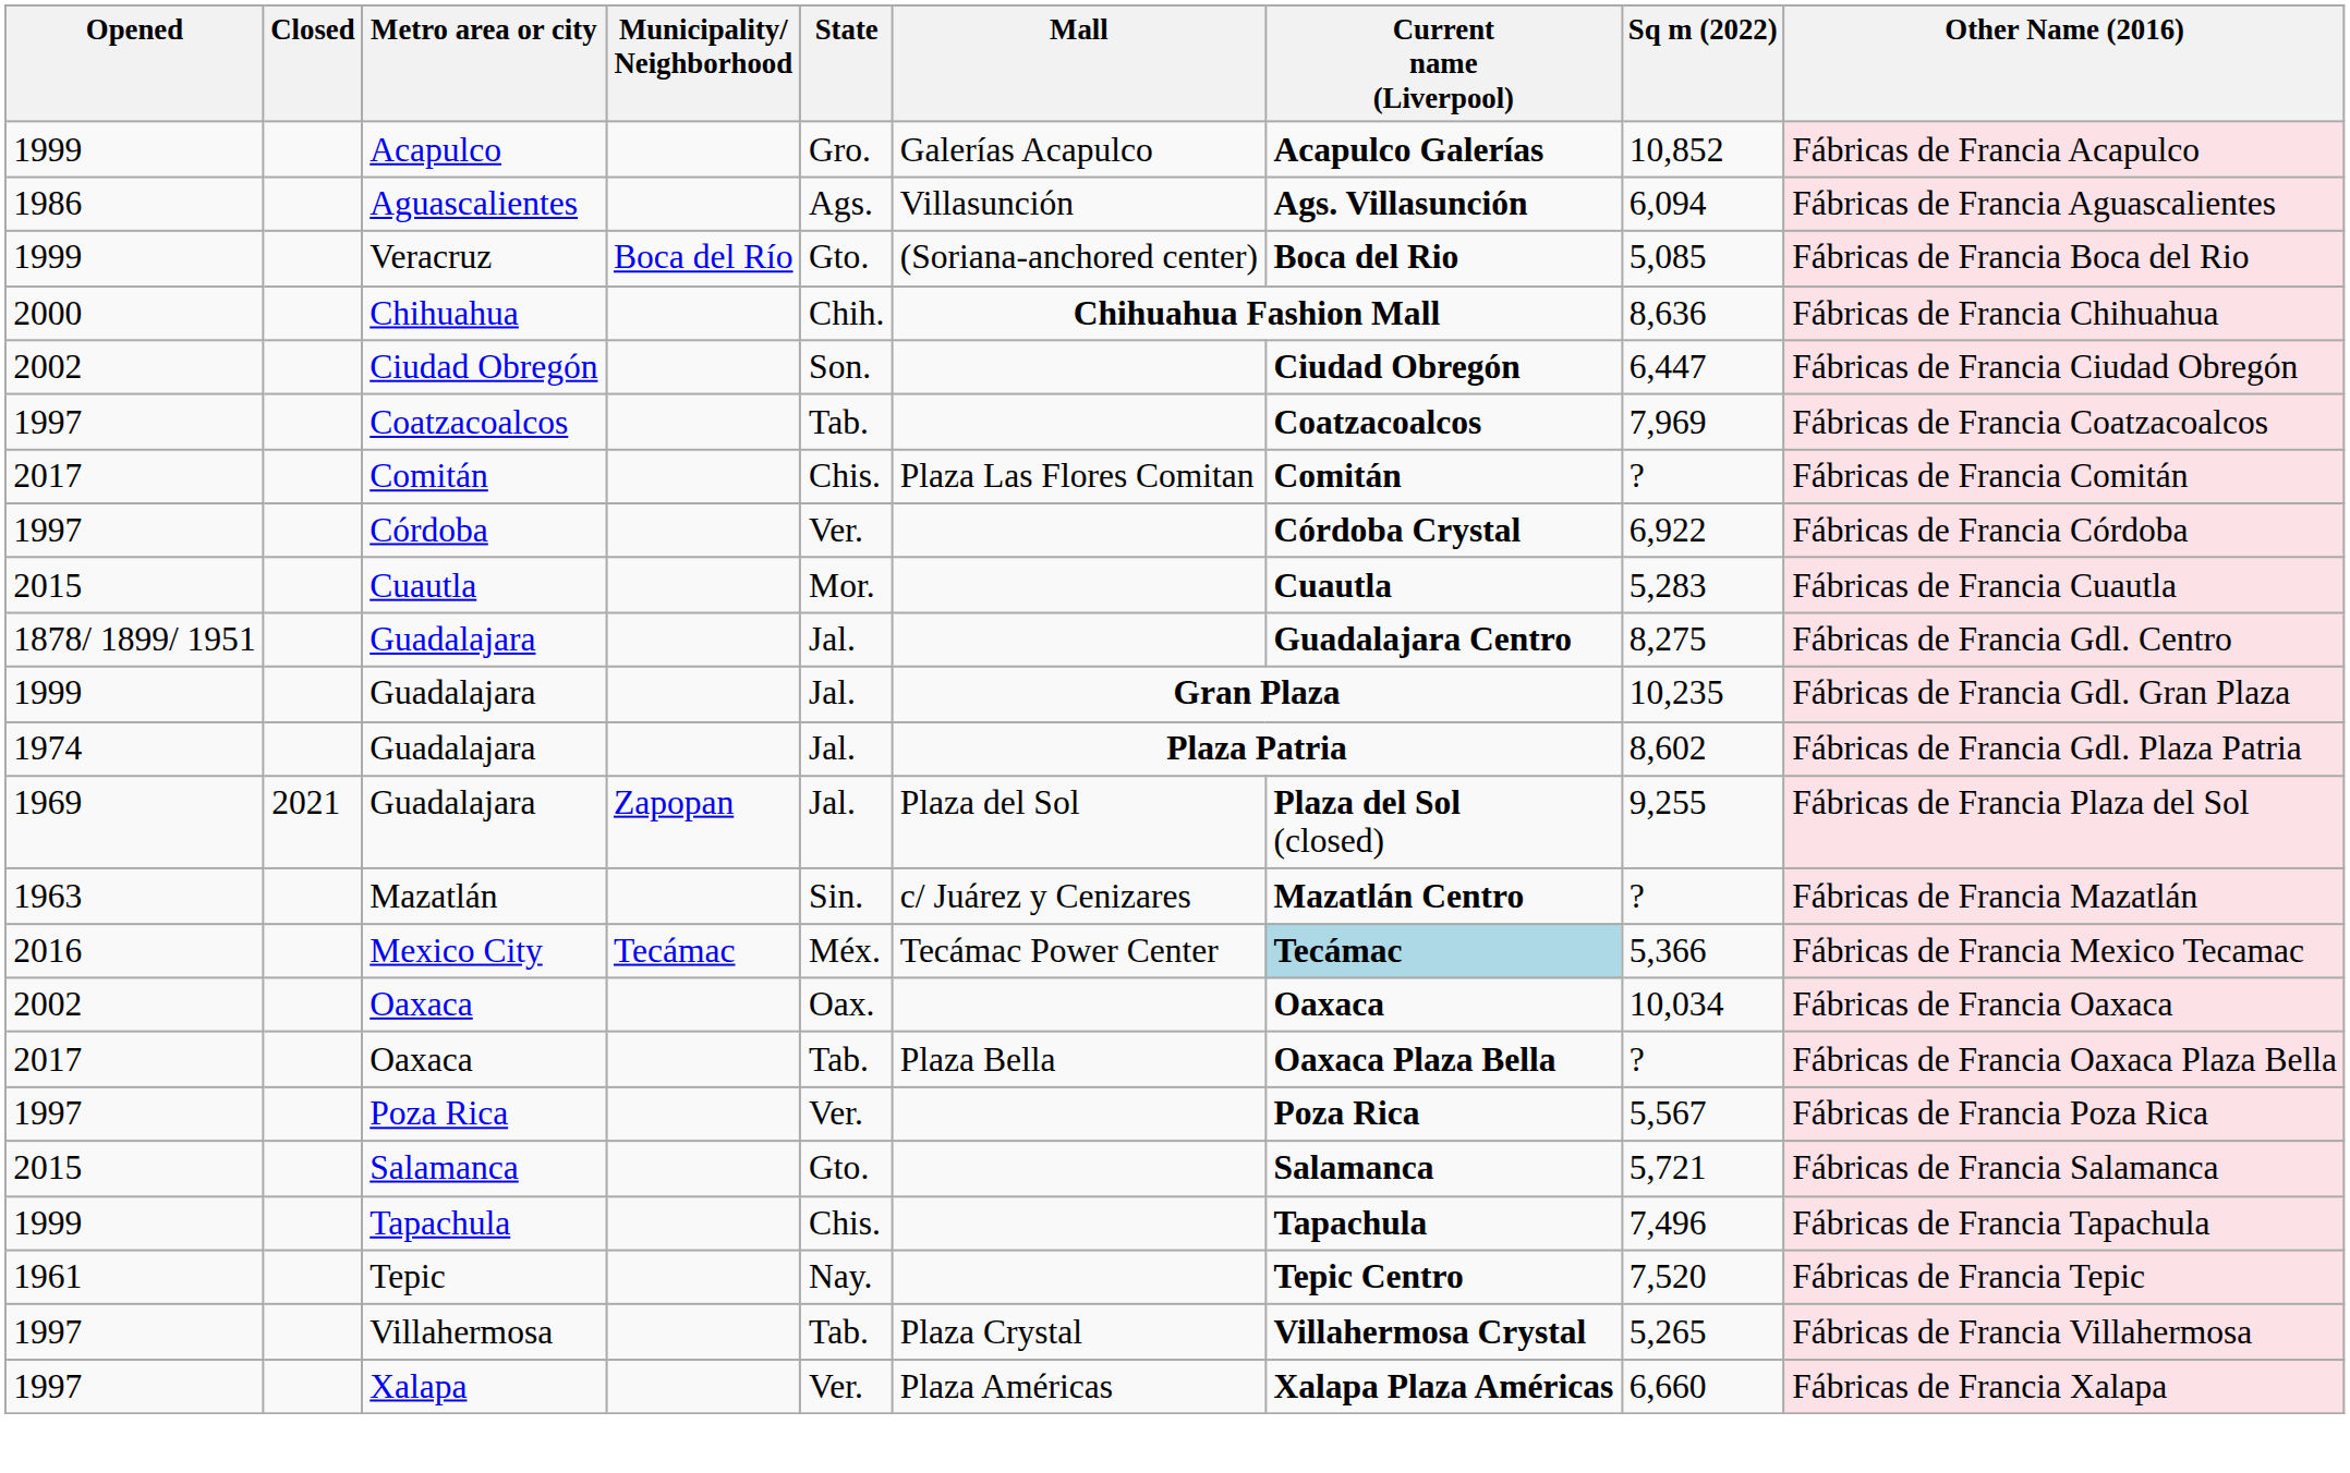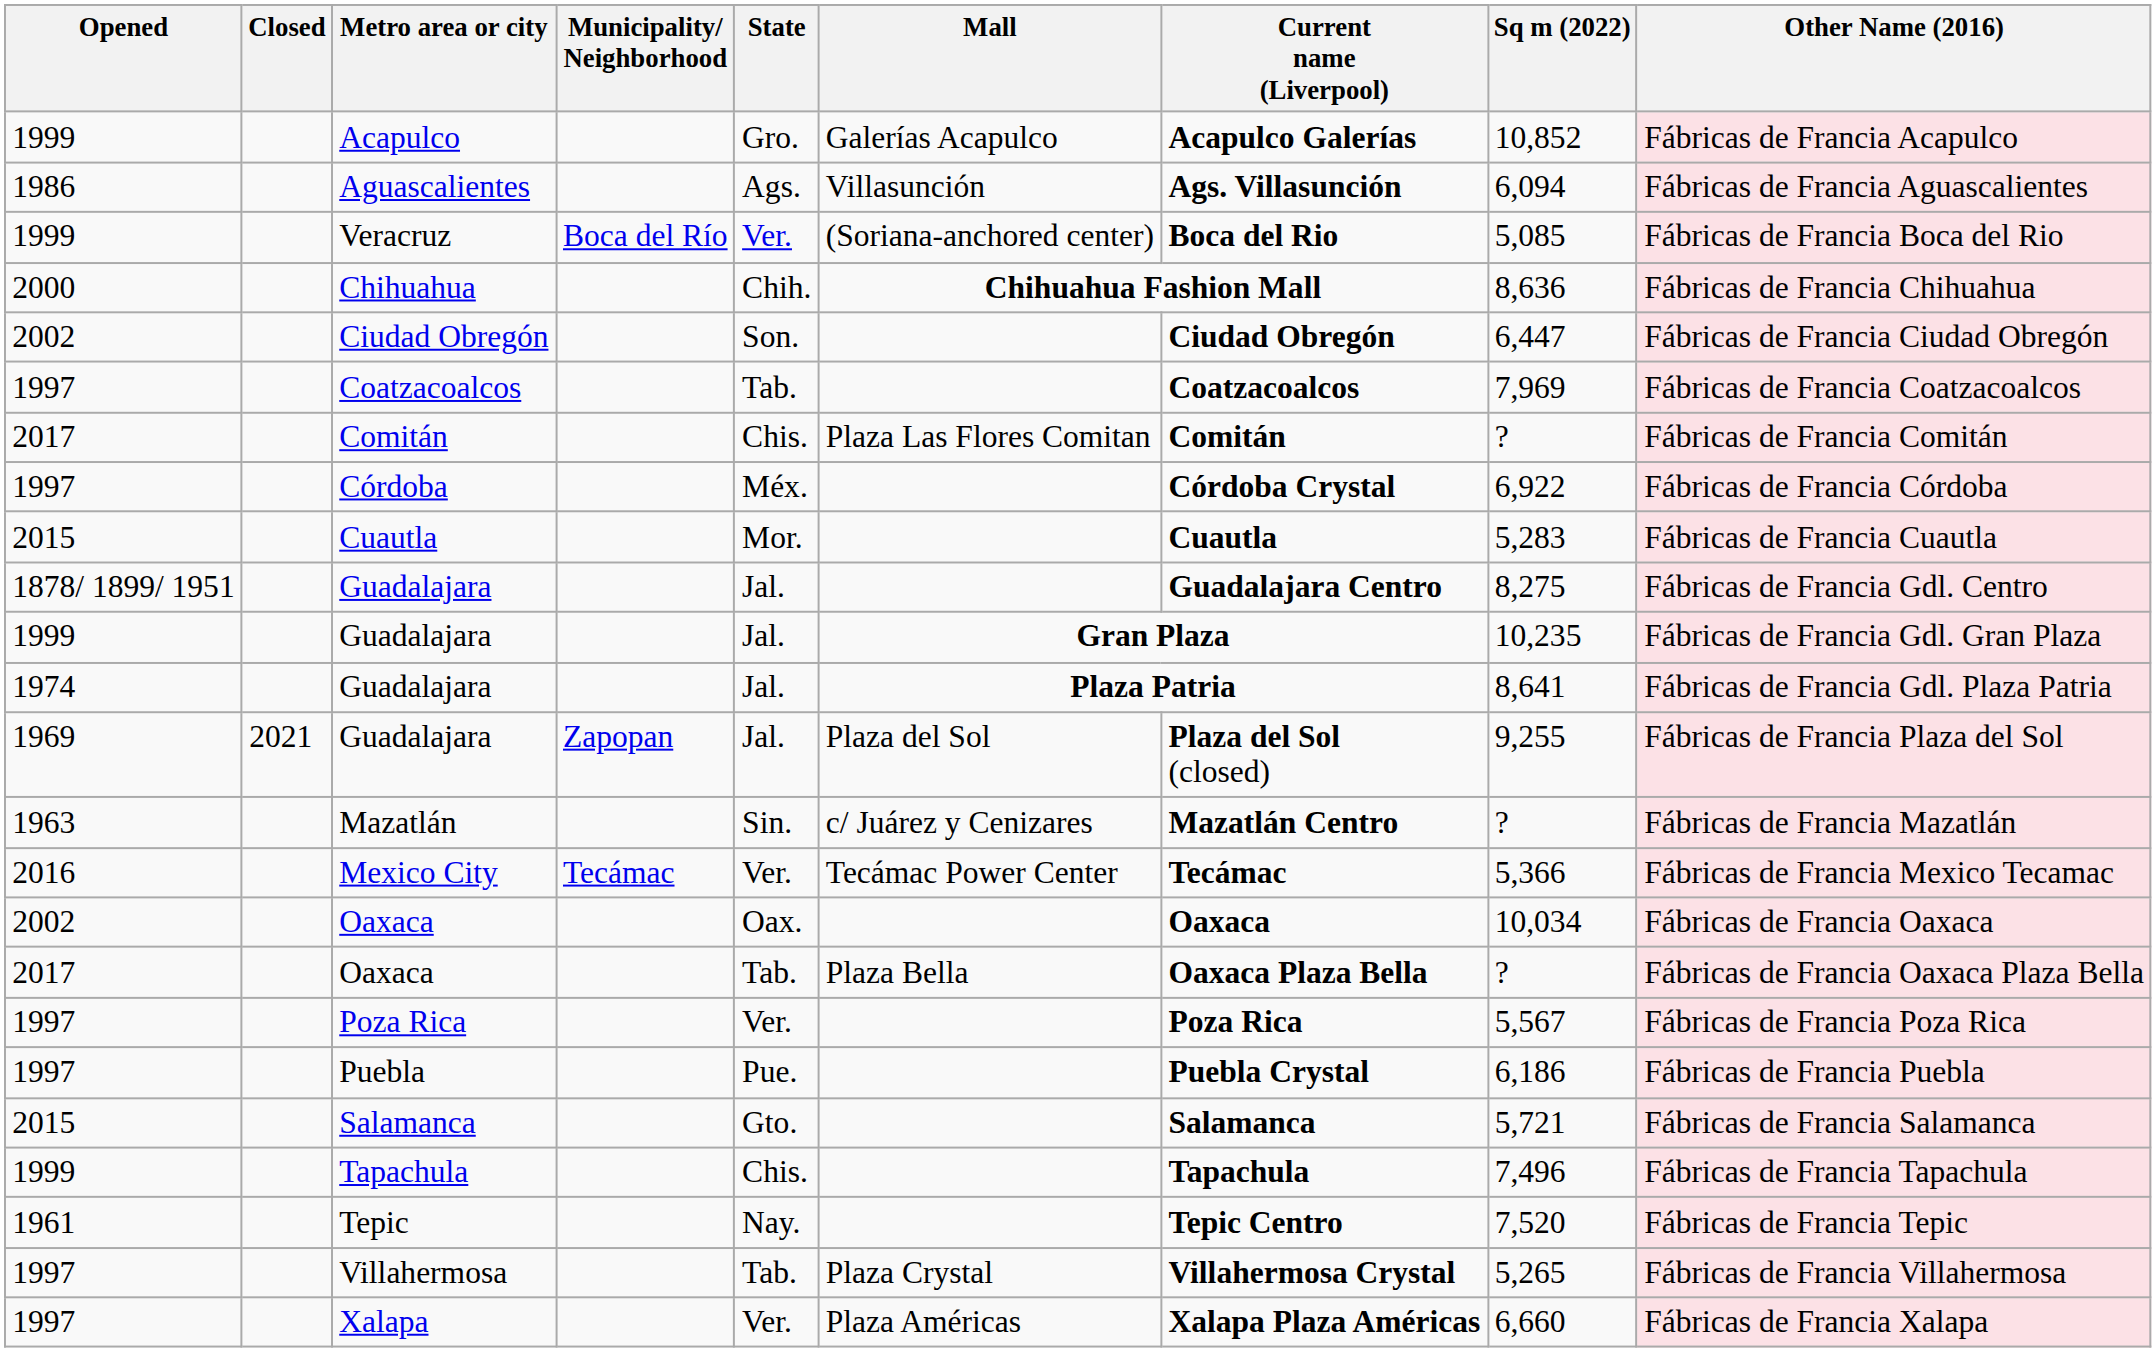 <table class="wikitable sortable sort-under">
 <tr>
 <th style="font-size:0.85em;line-spacing:1em;vertical-align:top;">Opened</th>
 <th style="font-size:0.85em;line-spacing:1em;vertical-align:top;">Closed</th>
 <th style="font-size:0.85em;line-spacing:1em;vertical-align:top;">Metro area or city</th>
 <th style="font-size:0.85em;line-spacing:1em;vertical-align:top;">Municipality/<br> Neighborhood</th>
 <th style="font-size:0.85em;line-spacing:1em;vertical-align:top;">State</th>
 <th style="font-size:0.85em;line-spacing:1em;vertical-align:top;">Mall</th>
 <th style="font-size:0.85em;line-spacing:1em;vertical-align:top;">Current<br>name<br>(Liverpool)</th>
 <th style="font-size:0.85em;line-spacing:1em;vertical-align:top;">Sq m (2022)</th>
 <th style="font-size:0.85em;line-spacing:1em;vertical-align:top;">Other Name (2016)</th>
 </tr>
 <tr style="vertical-align:top;">
 <td>1999</td>
 <td></td>
 <td><a href='#'>Acapulco</a></td>
 <td></td>
 <td>Gro.</td>
 <td>Galerías Acapulco</td>
 <td><strong>Acapulco Galerías</strong></td>
 <td>10,852</td>
 <td style="background-color:#fce1e6;">Fábricas de Francia Acapulco</td>
 </tr>
 <tr style="vertical-align:top;">
 <td>1986</td>
 <td></td>
 <td><a href='#'>Aguascalientes</a></td>
 <td></td>
 <td>Ags.</td>
 <td>Villasunción</td>
 <td><strong>Ags. Villasunción</strong></td>
 <td>6,094</td>
 <td style="background-color:#fce1e6;">Fábricas de Francia Aguascalientes</td>
 </tr>
 <tr style="vertical-align:top;">
 <td>1999</td>
 <td></td>
 <td>Veracruz</td>
 <td><a href='#'>Boca del Río</a></td>
-<td>Gto.</td>
+<td><a href='#'>Ver.</a></td>
 <td>(Soriana-anchored center)</td>
 <td><strong>Boca del Rio</strong></td>
 <td>5,085</td>
 <td style="background-color:#fce1e6;">Fábricas de Francia Boca del Rio</td>
 </tr>
 <tr style="vertical-align:top;">
 <td>2000</td>
 <td></td>
 <td><a href='#'>Chihuahua</a></td>
 <td></td>
 <td>Chih.</td>
 <td colspan=2 style=text-align:center><strong>Chihuahua Fashion Mall</strong></td>
 <td>8,636</td>
 <td style="background-color:#fce1e6;">Fábricas de Francia Chihuahua</td>
 </tr>
 <tr style="vertical-align:top;">
 <td>2002</td>
 <td></td>
 <td><a href='#'>Ciudad Obregón</a></td>
 <td></td>
 <td>Son.</td>
 <td></td>
 <td><strong>Ciudad Obregón</strong></td>
 <td>6,447</td>
 <td style="background-color:#fce1e6;">Fábricas de Francia Ciudad Obregón</td>
 </tr>
 <tr style="vertical-align:top;">
 <td>1997</td>
 <td></td>
 <td><a href='#'>Coatzacoalcos</a></td>
 <td></td>
 <td>Tab.</td>
 <td></td>
 <td><strong>Coatzacoalcos</strong></td>
 <td>7,969</td>
 <td style="background-color:#fce1e6;">Fábricas de Francia Coatzacoalcos</td>
 </tr>
 <tr style="vertical-align:top;">
 <td>2017</td>
 <td></td>
 <td><a href='#'>Comitán</a></td>
 <td></td>
 <td>Chis.</td>
 <td>Plaza Las Flores Comitan</td>
 <td><strong>Comitán</strong></td>
 <td>?</td>
 <td style="background-color:#fce1e6;">Fábricas de Francia Comitán</td>
 </tr>
 <tr style="vertical-align:top;">
 <td>1997</td>
 <td></td>
 <td><a href='#'>Córdoba</a></td>
 <td></td>
-<td>Ver.</td>
+<td>Méx.</td>
 <td></td>
 <td><strong>Córdoba Crystal</strong></td>
 <td>6,922</td>
 <td style="background-color:#fce1e6;">Fábricas de Francia Córdoba</td>
 </tr>
 <tr style="vertical-align:top;">
 <td>2015</td>
 <td></td>
 <td><a href='#'>Cuautla</a></td>
 <td></td>
 <td>Mor.</td>
 <td></td>
 <td><strong>Cuautla</strong></td>
 <td>5,283</td>
 <td style="background-color:#fce1e6;">Fábricas de Francia Cuautla</td>
 </tr>
 <tr style="vertical-align:top;">
 <td>1878/ 1899/ 1951</td>
 <td></td>
 <td><a href='#'>Guadalajara</a></td>
 <td></td>
 <td>Jal.</td>
 <td></td>
 <td><strong>Guadalajara Centro</strong></td>
 <td>8,275</td>
 <td style="background-color:#fce1e6;">Fábricas de Francia Gdl. Centro</td>
 </tr>
 <tr style="vertical-align:top;">
 <td>1999</td>
 <td></td>
 <td>Guadalajara</td>
 <td></td>
 <td>Jal.</td>
 <td colspan=2 style=text-align:center><strong>Gran Plaza</strong></td>
 <td>10,235</td>
 <td style="background-color:#fce1e6;">Fábricas de Francia Gdl. Gran Plaza</td>
 </tr>
 <tr style="vertical-align:top;">
 <td>1974</td>
 <td></td>
 <td>Guadalajara</td>
 <td></td>
 <td>Jal.</td>
 <td colspan=2 style=text-align:center><strong>Plaza Patria</strong></td>
-<td>8,602</td>
+<td>8,641</td>
 <td style="background-color:#fce1e6;">Fábricas de Francia Gdl. Plaza Patria</td>
 </tr>
 <tr style="vertical-align:top;">
 <td>1969</td>
 <td>2021</td>
 <td>Guadalajara</td>
 <td><a href='#'>Zapopan</a></td>
 <td>Jal.</td>
 <td>Plaza del Sol</td>
 <td><strong>Plaza del Sol</strong><br>(closed)</td>
 <td>9,255</td>
 <td style="background-color:#fce1e6;">Fábricas de Francia Plaza del Sol</td>
 </tr>
 <tr style="vertical-align:top;">
 <td>1963</td>
 <td></td>
 <td>Mazatlán</td>
 <td></td>
 <td>Sin.</td>
 <td>c/ Juárez y Cenizares</td>
 <td><strong>Mazatlán Centro</strong></td>
 <td>?</td>
 <td style="background-color:#fce1e6;">Fábricas de Francia Mazatlán</td>
 </tr>
 <tr style="vertical-align:top;">
 <td>2016</td>
 <td></td>
 <td><a href='#'>Mexico City</a></td>
 <td><a href='#'>Tecámac</a></td>
-<td>Méx.</td>
+<td>Ver.</td>
 <td>Tecámac Power Center</td>
-<td style="background: lightblue;"><strong>Tecámac</strong></td>
+<td><strong>Tecámac</strong></td>
 <td>5,366</td>
 <td style="background-color:#fce1e6;">Fábricas de Francia Mexico Tecamac</td>
 </tr>
 <tr style="vertical-align:top;">
 <td>2002</td>
 <td></td>
 <td><a href='#'>Oaxaca</a></td>
 <td></td>
 <td>Oax.</td>
 <td></td>
 <td><strong>Oaxaca</strong></td>
 <td>10,034</td>
 <td style="background-color:#fce1e6;">Fábricas de Francia Oaxaca</td>
 </tr>
 <tr style="vertical-align:top;">
 <td>2017</td>
 <td></td>
 <td>Oaxaca</td>
 <td></td>
 <td>Tab.</td>
 <td>Plaza Bella</td>
 <td><strong>Oaxaca Plaza Bella</strong></td>
 <td>?</td>
 <td style="background-color:#fce1e6;">Fábricas de Francia Oaxaca Plaza Bella</td>
 </tr>
 <tr style="vertical-align:top;">
 <td>1997</td>
 <td></td>
 <td><a href='#'>Poza Rica </a></td>
 <td></td>
 <td>Ver.</td>
 <td></td>
 <td><strong>Poza Rica</strong></td>
 <td>5,567</td>
 <td style="background-color:#fce1e6;">Fábricas de Francia Poza Rica</td>
+</tr>
+<tr style="vertical-align:top;">
+<td>1997</td>
+<td></td>
+<td>Puebla</td>
+<td></td>
+<td>Pue.</td>
+<td></td>
+<td><strong>Puebla Crystal</strong></td>
+<td>6,186</td>
+<td style="background-color:#fce1e6;">Fábricas de Francia Puebla</td>
 </tr>
 <tr style="vertical-align:top;">
 <td>2015</td>
 <td></td>
 <td><a href='#'>Salamanca </a></td>
 <td></td>
 <td>Gto.</td>
 <td></td>
 <td><strong>Salamanca</strong></td>
 <td>5,721</td>
 <td style="background-color:#fce1e6;">Fábricas de Francia Salamanca</td>
 </tr>
 <tr style="vertical-align:top;">
 <td>1999</td>
 <td></td>
 <td><a href='#'>Tapachula</a></td>
 <td></td>
 <td>Chis.</td>
 <td></td>
 <td><strong>Tapachula</strong></td>
 <td>7,496</td>
 <td style="background-color:#fce1e6;">Fábricas de Francia Tapachula</td>
 </tr>
 <tr style="vertical-align:top;">
 <td>1961</td>
 <td></td>
 <td>Tepic</td>
 <td></td>
 <td>Nay.</td>
 <td></td>
 <td><strong>Tepic Centro</strong></td>
 <td>7,520</td>
 <td style="background-color:#fce1e6;">Fábricas de Francia Tepic</td>
 </tr>
 <tr style="vertical-align:top;">
 <td>1997</td>
 <td></td>
 <td>Villahermosa</td>
 <td></td>
 <td>Tab.</td>
 <td>Plaza Crystal</td>
 <td><strong>Villahermosa Crystal</strong></td>
 <td>5,265</td>
 <td style="background-color:#fce1e6;">Fábricas de Francia Villahermosa</td>
 </tr>
 <tr style="vertical-align:top;">
 <td>1997</td>
 <td></td>
 <td><a href='#'>Xalapa </a></td>
 <td></td>
 <td>Ver.</td>
 <td>Plaza Américas</td>
 <td><strong>Xalapa Plaza Américas</strong></td>
 <td>6,660</td>
 <td style="background-color:#fce1e6;">Fábricas de Francia Xalapa</td>
 </tr>
 </table>
